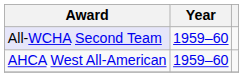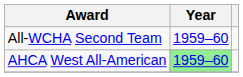 <table class="wikitable">
 <tr>
 <th>Award</th>
 <th>Year</th>
 <th></th>
 </tr>
 <tr>
-<td style="background: lavender;">All-<a href='#'>WCHA</a> <a href='#'>Second Team</a></td>
+<td>All-<a href='#'>WCHA</a> <a href='#'>Second Team</a></td>
 <td><a href='#'>1959–60</a></td>
 <td></td>
 </tr>
 <tr>
 <td><a href='#'>AHCA</a> <a href='#'>West All-American</a></td>
-<td><a href='#'>1959–60</a></td>
+<td style="background: lightgreen;"><a href='#'>1959–60</a></td>
 <td></td>
 </tr>
 <tr>
 </tr>
 </table>
